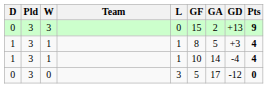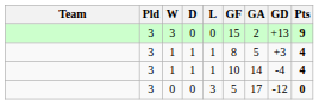 <table class="wikitable" style="text-align: center;">
 <tr>
-<th width="20">D</th>
+<th width="175">Team</th>
 <th width="20">Pld</th>
 <th width="20">W</th>
-<th width="175">Team</th>
+<th width="20">D</th>
 <th width="20">L</th>
 <th width="20">GF</th>
 <th width="20">GA</th>
 <th width="20">GD</th>
 <th width="20">Pts</th>
 </tr>
 <tr bgcolor="#ccffcc">
-<td>0</td>
+<td style="text-align:left;"></td>
 <td>3</td>
 <td>3</td>
-<td style="text-align:left;"></td>
+<td>0</td>
 <td>0</td>
 <td>15</td>
 <td>2</td>
 <td>+13</td>
 <td><strong>9</strong></td>
 </tr>
 <tr align=center>
-<td>1</td>
+<td style="text-align:left;"><strong></strong></td>
 <td>3</td>
 <td>1</td>
-<td style="text-align:left;"><strong></strong></td>
+<td>1</td>
 <td>1</td>
 <td>8</td>
 <td>5</td>
 <td>+3</td>
 <td><strong>4</strong></td>
 </tr>
 <tr align=center>
-<td>1</td>
+<td style="text-align:left;"></td>
 <td>3</td>
 <td>1</td>
-<td style="text-align:left;"></td>
+<td>1</td>
 <td>1</td>
 <td>10</td>
 <td>14</td>
 <td>-4</td>
 <td><strong>4</strong></td>
 </tr>
 <tr align=center>
-<td>0</td>
+<td style="text-align:left;"></td>
 <td>3</td>
 <td>0</td>
-<td style="text-align:left;"></td>
+<td>0</td>
 <td>3</td>
 <td>5</td>
 <td>17</td>
 <td>-12</td>
 <td><strong>0</strong></td>
 </tr>
 </table>
